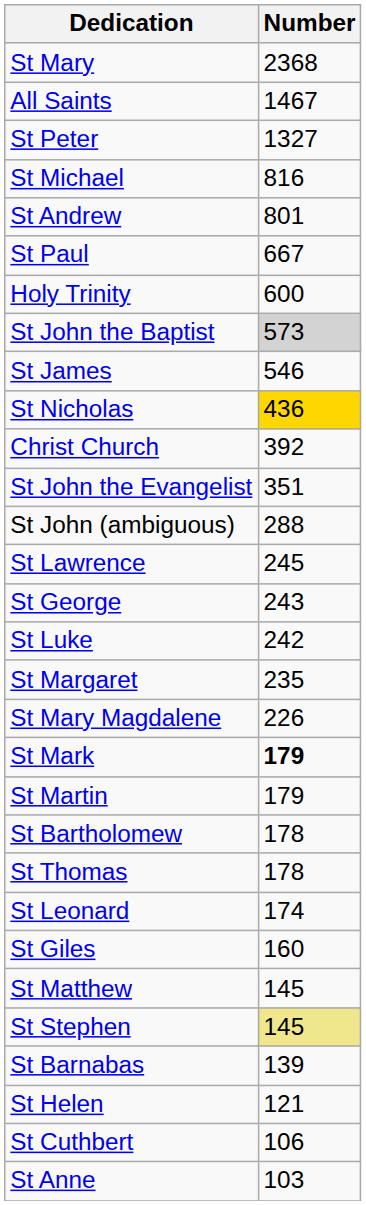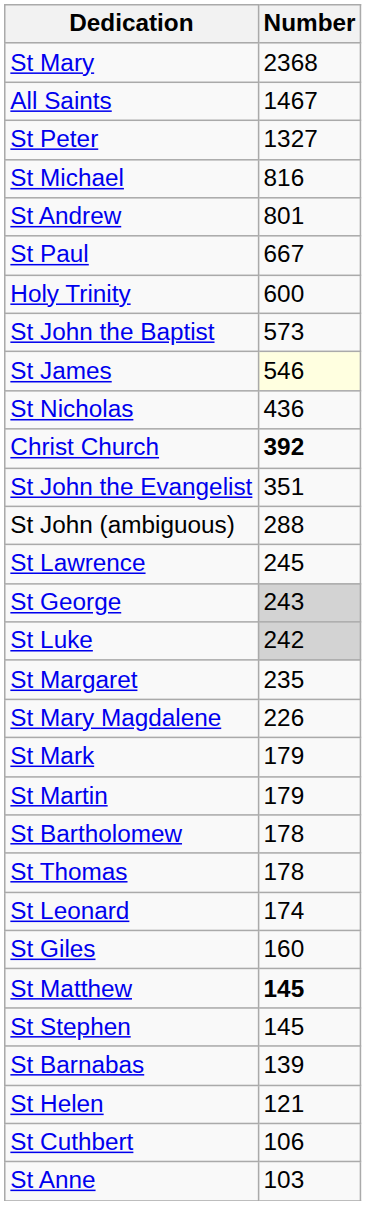 <table class="wikitable">
 <tr>
 <th>Dedication</th>
 <th>Number</th>
 </tr>
 <tr>
 <td><a href='#'>St Mary</a></td>
 <td>2368</td>
 </tr>
 <tr>
 <td><a href='#'>All Saints</a></td>
 <td>1467</td>
 </tr>
 <tr>
 <td><a href='#'>St Peter</a></td>
 <td>1327</td>
 </tr>
 <tr>
 <td><a href='#'>St Michael</a></td>
 <td>816</td>
 </tr>
 <tr>
 <td><a href='#'>St Andrew</a></td>
 <td>801</td>
 </tr>
 <tr>
 <td><a href='#'>St Paul</a></td>
 <td>667</td>
 </tr>
 <tr>
 <td><a href='#'>Holy Trinity</a></td>
 <td>600</td>
 </tr>
 <tr>
 <td><a href='#'>St John the Baptist</a></td>
-<td style="background: lightgrey;">573</td>
+<td>573</td>
 </tr>
 <tr>
 <td><a href='#'>St James</a></td>
-<td>546</td>
+<td style="background: lightyellow;">546</td>
 </tr>
 <tr>
 <td><a href='#'>St Nicholas</a></td>
-<td style="background: gold;">436</td>
+<td>436</td>
 </tr>
 <tr>
 <td><a href='#'>Christ Church</a></td>
-<td>392</td>
+<td><strong>392</strong></td>
 </tr>
 <tr>
 <td><a href='#'>St John the Evangelist</a></td>
 <td>351</td>
 </tr>
 <tr>
 <td>St John (ambiguous)</td>
 <td>288</td>
 </tr>
 <tr>
 <td><a href='#'>St Lawrence</a></td>
 <td>245</td>
 </tr>
 <tr>
 <td><a href='#'>St George</a></td>
-<td>243</td>
+<td style="background: lightgrey;">243</td>
 </tr>
 <tr>
 <td><a href='#'>St Luke</a></td>
-<td>242</td>
+<td style="background: lightgrey;">242</td>
 </tr>
 <tr>
 <td><a href='#'>St Margaret</a></td>
 <td>235</td>
 </tr>
 <tr>
 <td><a href='#'>St Mary Magdalene</a></td>
 <td>226</td>
 </tr>
 <tr>
 <td><a href='#'>St Mark</a></td>
-<td><strong>179</strong></td>
+<td>179</td>
 </tr>
 <tr>
 <td><a href='#'>St Martin</a></td>
 <td>179</td>
 </tr>
 <tr>
 <td><a href='#'>St Bartholomew</a></td>
 <td>178</td>
 </tr>
 <tr>
 <td><a href='#'>St Thomas</a></td>
 <td>178</td>
 </tr>
 <tr>
 <td><a href='#'>St Leonard</a></td>
 <td>174</td>
 </tr>
 <tr>
 <td><a href='#'>St Giles</a></td>
 <td>160</td>
 </tr>
 <tr>
 <td><a href='#'>St Matthew</a></td>
-<td>145</td>
+<td><strong>145</strong></td>
 </tr>
 <tr>
 <td><a href='#'>St Stephen</a></td>
-<td style="background: khaki;">145</td>
+<td>145</td>
 </tr>
 <tr>
 <td><a href='#'>St Barnabas</a></td>
 <td>139</td>
 </tr>
 <tr>
 <td><a href='#'>St Helen</a></td>
 <td>121</td>
 </tr>
 <tr>
 <td><a href='#'>St Cuthbert</a></td>
 <td>106</td>
 </tr>
 <tr>
 <td><a href='#'>St Anne</a></td>
 <td>103</td>
 </tr>
 </table>
